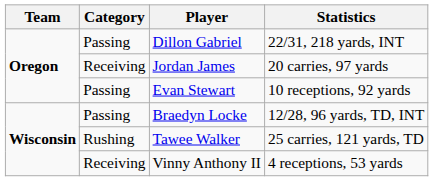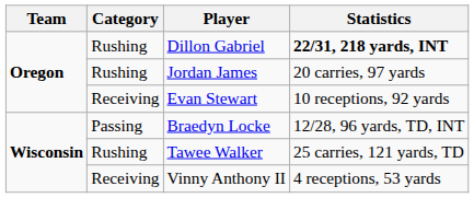 <table class="wikitable" style="float: right;">
 <tr>
 <th>Team</th>
 <th>Category</th>
 <th>Player</th>
 <th>Statistics</th>
 </tr>
 <tr>
 <td rowspan=3><strong>Oregon</strong></td>
-<td>Passing</td>
+<td>Rushing</td>
 <td><a href='#'>Dillon Gabriel</a></td>
-<td>22/31, 218 yards, INT</td>
+<td><strong>22/31, 218 yards, INT</strong></td>
 </tr>
 <tr>
-<td>Receiving</td>
+<td>Rushing</td>
 <td><a href='#'>Jordan James</a></td>
 <td>20 carries, 97 yards</td>
 </tr>
 <tr>
-<td>Passing</td>
+<td>Receiving</td>
 <td><a href='#'>Evan Stewart</a></td>
 <td>10 receptions, 92 yards</td>
 </tr>
 <tr>
 <td rowspan=3><strong>Wisconsin</strong></td>
 <td>Passing</td>
 <td><a href='#'>Braedyn Locke</a></td>
 <td>12/28, 96 yards, TD, INT</td>
 </tr>
 <tr>
 <td>Rushing</td>
 <td><a href='#'>Tawee Walker</a></td>
 <td>25 carries, 121 yards, TD</td>
 </tr>
 <tr>
 <td>Receiving</td>
 <td>Vinny Anthony II</td>
 <td>4 receptions, 53 yards</td>
 </tr>
 </table>
